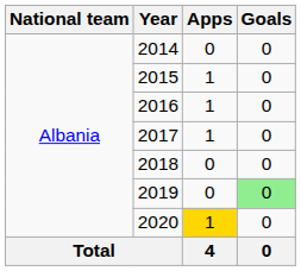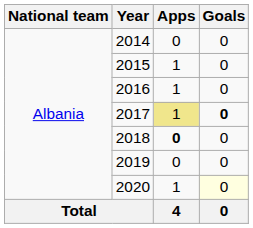 <table class=wikitable style="text-align: center;">
 <tr>
 <th>National team</th>
 <th>Year</th>
 <th>Apps</th>
 <th>Goals</th>
 </tr>
 <tr>
 <td rowspan="7"><a href='#'>Albania</a></td>
 <td>2014</td>
 <td>0</td>
 <td>0</td>
 </tr>
 <tr>
 <td>2015</td>
 <td>1</td>
 <td>0</td>
 </tr>
 <tr>
 <td>2016</td>
 <td>1</td>
 <td>0</td>
 </tr>
 <tr>
 <td>2017</td>
-<td>1</td>
-<td>0</td>
+<td style="background: khaki;">1</td>
+<td><strong>0</strong></td>
 </tr>
 <tr>
 <td>2018</td>
-<td>0</td>
+<td><strong>0</strong></td>
 <td>0</td>
 </tr>
 <tr>
 <td>2019</td>
 <td>0</td>
-<td style="background: lightgreen;">0</td>
+<td>0</td>
 </tr>
 <tr>
 <td>2020</td>
-<td style="background: gold;">1</td>
-<td>0</td>
+<td>1</td>
+<td style="background: lightyellow;">0</td>
 </tr>
 <tr>
 <th colspan="2">Total</th>
 <th>4</th>
 <th>0</th>
 </tr>
 </table>
